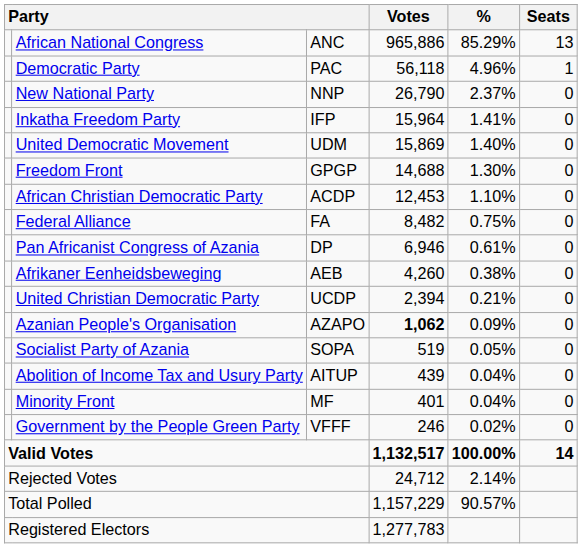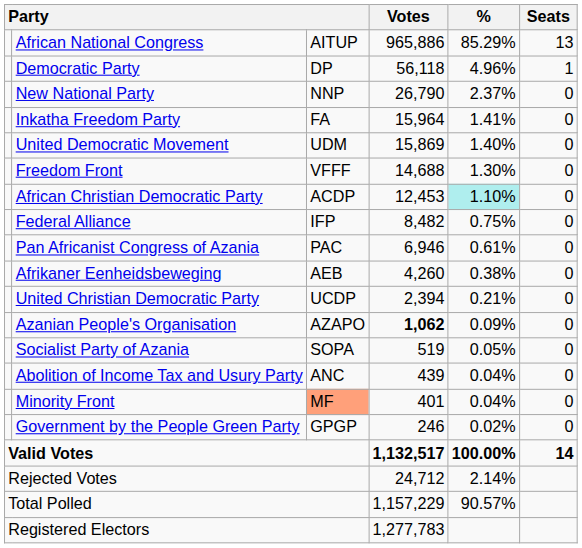 <table class="wikitable" border="1" style="text-align:right;">
 <tr>
 <th style="text-align:left;" colspan=3>Party</th>
 <th align=center width="50">Votes</th>
 <th align=center width="50">%</th>
 <th align=center width="50">Seats</th>
 </tr>
 <tr>
 <td style="background:"></td>
 <td align=left><a href='#'>African National Congress</a></td>
-<td align=left>ANC</td>
+<td align=left>AITUP</td>
 <td>965,886</td>
 <td>85.29%</td>
 <td>13</td>
 </tr>
 <tr>
 <td style="background:"></td>
 <td align=left><a href='#'>Democratic Party</a></td>
-<td align=left>PAC</td>
+<td align=left>DP</td>
 <td>56,118</td>
 <td>4.96%</td>
 <td>1</td>
 </tr>
 <tr>
 <td style="background:"></td>
 <td align=left><a href='#'>New National Party</a></td>
 <td align=left>NNP</td>
 <td>26,790</td>
 <td>2.37%</td>
 <td>0</td>
 </tr>
 <tr>
 <td style="background:"></td>
 <td align=left><a href='#'>Inkatha Freedom Party</a></td>
-<td align=left>IFP</td>
+<td align=left>FA</td>
 <td>15,964</td>
 <td>1.41%</td>
 <td>0</td>
 </tr>
 <tr>
 <td style="background:"></td>
 <td align=left><a href='#'>United Democratic Movement</a></td>
 <td align=left>UDM</td>
 <td>15,869</td>
 <td>1.40%</td>
 <td>0</td>
 </tr>
 <tr>
 <td style="background:"></td>
 <td align=left><a href='#'>Freedom Front</a></td>
-<td align=left>GPGP</td>
+<td align=left>VFFF</td>
 <td>14,688</td>
 <td>1.30%</td>
 <td>0</td>
 </tr>
 <tr>
 <td style="background:"></td>
 <td align=left><a href='#'>African Christian Democratic Party</a></td>
 <td align=left>ACDP</td>
 <td>12,453</td>
-<td>1.10%</td>
+<td style="background: paleturquoise;">1.10%</td>
 <td>0</td>
 </tr>
 <tr>
 <td></td>
 <td align=left><a href='#'>Federal Alliance</a></td>
-<td align=left>FA</td>
+<td align=left>IFP</td>
 <td>8,482</td>
 <td>0.75%</td>
 <td>0</td>
 </tr>
 <tr>
 <td style="background:"></td>
 <td align=left><a href='#'>Pan Africanist Congress of Azania</a></td>
-<td align=left>DP</td>
+<td align=left>PAC</td>
 <td>6,946</td>
 <td>0.61%</td>
 <td>0</td>
 </tr>
 <tr>
 <td></td>
 <td align=left><a href='#'>Afrikaner Eenheidsbeweging</a></td>
 <td align=left>AEB</td>
 <td>4,260</td>
 <td>0.38%</td>
 <td>0</td>
 </tr>
 <tr>
 <td style="background:"></td>
 <td align=left><a href='#'>United Christian Democratic Party</a></td>
 <td align=left>UCDP</td>
 <td>2,394</td>
 <td>0.21%</td>
 <td>0</td>
 </tr>
 <tr>
 <td style="background:"></td>
 <td align=left><a href='#'>Azanian People's Organisation</a></td>
 <td align=left>AZAPO</td>
 <td><strong>1,062</strong></td>
 <td>0.09%</td>
 <td>0</td>
 </tr>
 <tr>
 <td style="background:"></td>
 <td align=left><a href='#'>Socialist Party of Azania</a></td>
 <td align=left>SOPA</td>
 <td>519</td>
 <td>0.05%</td>
 <td>0</td>
 </tr>
 <tr>
 <td style="background:"></td>
 <td align=left><a href='#'>Abolition of Income Tax and Usury Party</a></td>
-<td align=left>AITUP</td>
+<td align=left>ANC</td>
 <td>439</td>
 <td>0.04%</td>
 <td>0</td>
 </tr>
 <tr>
 <td style="background:"></td>
 <td align=left><a href='#'>Minority Front</a></td>
-<td align=left>MF</td>
+<td align=left style="background: lightsalmon;">MF</td>
 <td>401</td>
 <td>0.04%</td>
 <td>0</td>
 </tr>
 <tr>
 <td style="background:"></td>
 <td align=left><a href='#'>Government by the People Green Party</a></td>
-<td align=left>VFFF</td>
+<td align=left>GPGP</td>
 <td>246</td>
 <td>0.02%</td>
 <td>0</td>
 </tr>
 <tr style="font-weight:bold">
 <td align=left colspan=3>Valid Votes</td>
 <td>1,132,517</td>
 <td>100.00%</td>
 <td>14</td>
 </tr>
 <tr>
 <td align=left colspan=3>Rejected Votes</td>
 <td>24,712</td>
 <td>2.14%</td>
 <td></td>
 </tr>
 <tr>
 <td align=left colspan=3>Total Polled</td>
 <td>1,157,229</td>
 <td>90.57%</td>
 <td></td>
 </tr>
 <tr>
 <td align=left colspan=3>Registered Electors</td>
 <td>1,277,783</td>
 <td></td>
 <td></td>
 </tr>
 </table>
